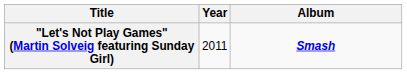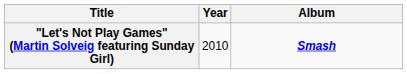 <table class="wikitable plainrowheaders" style="text-align:center;">
 <tr>
 <th scope="col" style="width:16em;">Title</th>
 <th scope="col">Year</th>
 <th scope="col" style="width:14em;">Album</th>
 </tr>
 <tr>
 <th scope="row">"Let's Not Play Games"<br><span>(<a href='#'>Martin Solveig</a> featuring Sunday Girl)</span></th>
-<td>2011</td>
+<td>2010</td>
 <td><strong><em><a href='#'>Smash</a></em></strong></td>
 </tr>
 </table>
